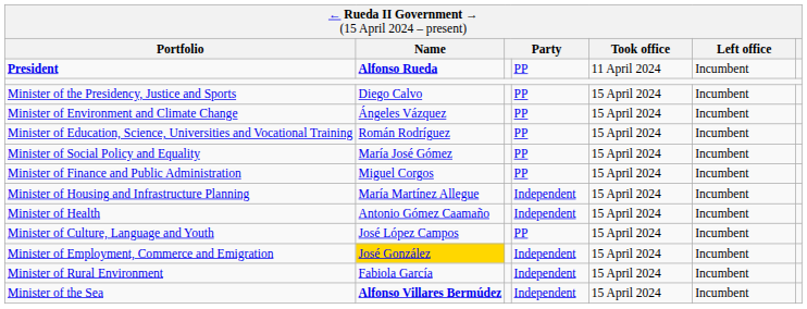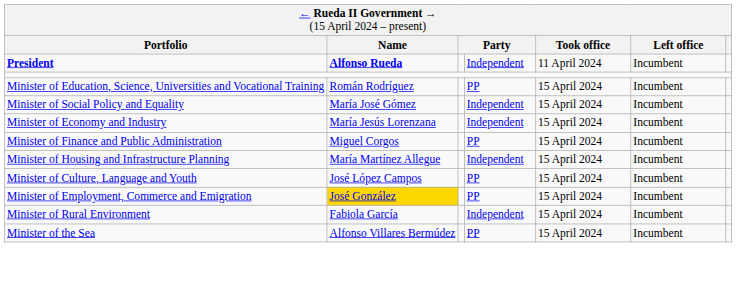 <table class="wikitable">
 <tr>
 <td colspan="7" bgcolor="#F2F2F2" align="center"><a href='#'>←</a> <strong>Rueda II Government</strong> →<br>(15 April 2024 – present)</td>
 </tr>
 <tr>
 <th>Portfolio</th>
 <th>Name</th>
 <th colspan="2" width="100px">Party</th>
 <th width="125px">Took office</th>
 <th width="125px">Left office</th>
 <th></th>
 </tr>
 <tr>
 <td><strong><a href='#'>President</a></strong></td>
 <td><strong><a href='#'>Alfonso Rueda</a></strong></td>
 <td width="1" style="background-color:"></td>
-<td><a href='#'>PP</a></td>
+<td><a href='#'>Independent</a></td>
 <td>11 April 2024</td>
 <td>Incumbent</td>
 <td align="center"></td>
 </tr>
 <tr>
 <td colspan="7"></td>
-</tr>
-<tr>
-<td><a href='#'>Minister of the Presidency, Justice and Sports</a></td>
-<td><a href='#'>Diego Calvo</a></td>
-<td style="background-color:"></td>
-<td><a href='#'>PP</a></td>
-<td>15 April 2024</td>
-<td>Incumbent</td>
-<td align="center"></td>
-</tr>
-<tr>
-<td><a href='#'>Minister of Environment and Climate Change</a></td>
-<td><a href='#'>Ángeles Vázquez</a></td>
-<td style="background-color:"></td>
-<td><a href='#'>PP</a></td>
-<td>15 April 2024</td>
-<td>Incumbent</td>
-<td align="center"></td>
 </tr>
 <tr>
 <td><a href='#'>Minister of Education, Science, Universities and Vocational Training</a></td>
 <td><a href='#'>Román Rodríguez</a></td>
 <td style="background-color:"></td>
 <td><a href='#'>PP</a></td>
 <td>15 April 2024</td>
 <td>Incumbent</td>
 <td align="center"></td>
 </tr>
 <tr>
 <td><a href='#'>Minister of Social Policy and Equality</a></td>
 <td><a href='#'>María José Gómez</a></td>
 <td style="background-color:"></td>
-<td><a href='#'>PP</a></td>
+<td><a href='#'>Independent</a></td>
+<td>15 April 2024</td>
+<td>Incumbent</td>
+<td align="center"></td>
+</tr>
+<tr>
+<td><a href='#'>Minister of Economy and Industry</a></td>
+<td><a href='#'>María Jesús Lorenzana</a></td>
+<td style="background-color:"></td>
+<td><a href='#'>Independent</a></td>
 <td>15 April 2024</td>
 <td>Incumbent</td>
 <td align="center"></td>
 </tr>
 <tr>
 <td><a href='#'>Minister of Finance and Public Administration</a></td>
 <td><a href='#'>Miguel Corgos</a></td>
 <td style="background-color:"></td>
 <td><a href='#'>PP</a></td>
 <td>15 April 2024</td>
 <td>Incumbent</td>
 <td align="center"></td>
 </tr>
 <tr>
 <td><a href='#'>Minister of Housing and Infrastructure Planning</a></td>
 <td><a href='#'>María Martínez Allegue</a></td>
 <td style="background-color:"></td>
 <td><a href='#'>Independent</a></td>
 <td>15 April 2024</td>
 <td>Incumbent</td>
 <td align="center"></td>
 </tr>
 <tr>
-<td><a href='#'>Minister of Health</a></td>
-<td><a href='#'>Antonio Gómez Caamaño</a></td>
-<td style="background-color:"></td>
-<td><a href='#'>Independent</a></td>
-<td>15 April 2024</td>
-<td>Incumbent</td>
-<td align="center"></td>
-</tr>
-<tr>
 <td><a href='#'>Minister of Culture, Language and Youth</a></td>
 <td><a href='#'>José López Campos</a></td>
 <td style="background-color:"></td>
 <td><a href='#'>PP</a></td>
 <td>15 April 2024</td>
 <td>Incumbent</td>
 <td align="center"></td>
 </tr>
 <tr>
 <td><a href='#'>Minister of Employment, Commerce and Emigration</a></td>
 <td style="background: gold;"><a href='#'>José González</a></td>
 <td style="background-color:"></td>
-<td><a href='#'>Independent</a></td>
+<td><a href='#'>PP</a></td>
 <td>15 April 2024</td>
 <td>Incumbent</td>
 <td align="center"></td>
 </tr>
 <tr>
 <td><a href='#'>Minister of Rural Environment</a></td>
 <td><a href='#'>Fabiola García</a></td>
 <td style="background-color:"></td>
 <td><a href='#'>Independent</a></td>
 <td>15 April 2024</td>
 <td>Incumbent</td>
 <td align="center"></td>
 </tr>
 <tr>
 <td><a href='#'>Minister of the Sea</a></td>
-<td><strong><a href='#'>Alfonso Villares Bermúdez</a></strong></td>
+<td><a href='#'>Alfonso Villares Bermúdez</a></td>
 <td style="background-color:"></td>
-<td><a href='#'>Independent</a></td>
+<td><a href='#'>PP</a></td>
 <td>15 April 2024</td>
 <td>Incumbent</td>
 <td align="center"></td>
 </tr>
 </table>
